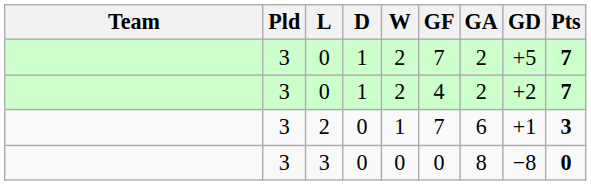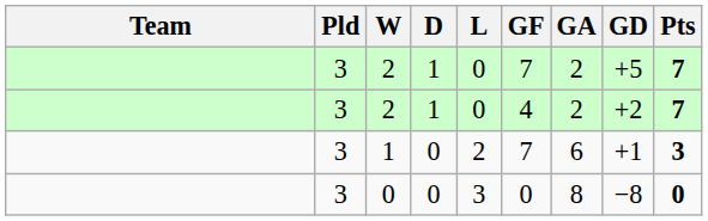 <table class="wikitable" style="text-align:center;">
 <tr>
 <th width=180>Team</th>
 <th width=20>Pld</th>
+<th width=20>W</th>
+<th width=20>D</th>
 <th width=20>L</th>
-<th width=20>D</th>
-<th width=20>W</th>
 <th width=20>GF</th>
 <th width=20>GA</th>
 <th width=20>GD</th>
 <th width=20>Pts</th>
 </tr>
 <tr bgcolor="ccffcc">
 <td align="left"></td>
 <td>3</td>
+<td>2</td>
+<td>1</td>
 <td>0</td>
-<td>1</td>
-<td>2</td>
 <td>7</td>
 <td>2</td>
 <td>+5</td>
 <td><strong>7</strong></td>
 </tr>
 <tr bgcolor="ccffcc">
 <td align="left"></td>
 <td>3</td>
+<td>2</td>
+<td>1</td>
 <td>0</td>
-<td>1</td>
-<td>2</td>
 <td>4</td>
 <td>2</td>
 <td>+2</td>
 <td><strong>7</strong></td>
 </tr>
 <tr>
 <td align="left"></td>
 <td>3</td>
+<td>1</td>
+<td>0</td>
 <td>2</td>
-<td>0</td>
-<td>1</td>
 <td>7</td>
 <td>6</td>
 <td>+1</td>
 <td><strong>3</strong></td>
 </tr>
 <tr>
 <td align="left"></td>
 <td>3</td>
-<td>3</td>
 <td>0</td>
 <td>0</td>
+<td>3</td>
 <td>0</td>
 <td>8</td>
 <td>−8</td>
 <td><strong>0</strong></td>
 </tr>
 </table>
